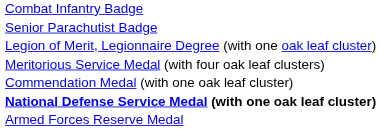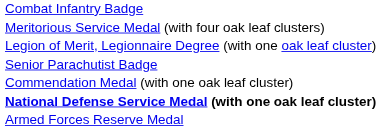 <table>
 <tr>
 <td>  <a href='#'>Combat Infantry Badge</a></td>
 </tr>
 <tr>
-<td>  <a href='#'>Senior Parachutist Badge</a></td>
+<td>  <a href='#'>Meritorious Service Medal</a> (with four oak leaf clusters)</td>
 </tr>
 <tr>
 <td>  <a href='#'>Legion of Merit, Legionnaire Degree</a> (with one <a href='#'>oak leaf cluster</a>)</td>
 </tr>
 <tr>
-<td>  <a href='#'>Meritorious Service Medal</a> (with four oak leaf clusters)</td>
+<td>  <a href='#'>Senior Parachutist Badge</a></td>
 </tr>
 <tr>
 <td>  <a href='#'>Commendation Medal</a> (with one oak leaf cluster)</td>
 </tr>
 <tr>
 <td><strong>  <a href='#'>National Defense Service Medal</a> (with one oak leaf cluster)</strong></td>
 </tr>
 <tr>
 <td>  <a href='#'>Armed Forces Reserve Medal</a></td>
 </tr>
 </table>
